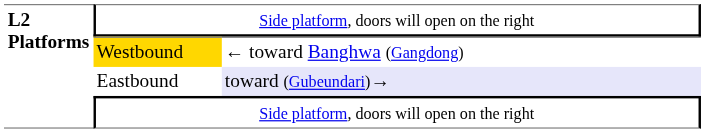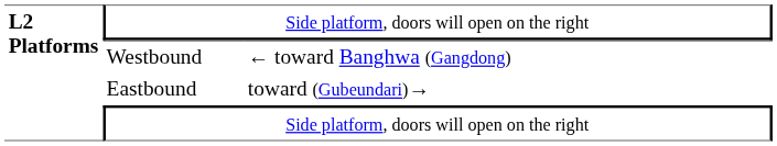 <table table border=0 cellspacing=0 cellpadding=3>
 <tr>
 <td style="border-top:solid 1px gray;border-bottom:solid 1px gray;" width=50 rowspan=10 valign=top><strong>L2<br>Platforms</strong></td>
 <td style="border-top:solid 1px gray;border-right:solid 2px black;border-left:solid 2px black;border-bottom:solid 2px black;text-align:center;" colspan=2><small><a href='#'>Side platform</a>, doors will open on the right</small></td>
 </tr>
 <tr>
-<td style="background: gold; border-bottom:solid 0px gray;border-top:solid 1px gray;" width=100>Westbound</td>
+<td style="border-bottom:solid 0px gray;border-top:solid 1px gray;" width=100>Westbound</td>
 <td style="border-bottom:solid 0px gray;border-top:solid 1px gray;" width=390>←  toward <a href='#'>Banghwa</a> <small>(<a href='#'>Gangdong</a>)</small></td>
 </tr>
 <tr>
 <td>Eastbound</td>
-<td style="background: lavender;">  toward  <small>(<a href='#'>Gubeundari</a>)</small>→</td>
+<td>  toward  <small>(<a href='#'>Gubeundari</a>)</small>→</td>
 </tr>
 <tr>
 <td style="border-top:solid 2px black;border-right:solid 2px black;border-left:solid 2px black;border-bottom:solid 1px gray;text-align:center;" colspan=2><small><a href='#'>Side platform</a>, doors will open on the right</small></td>
 </tr>
 </table>
